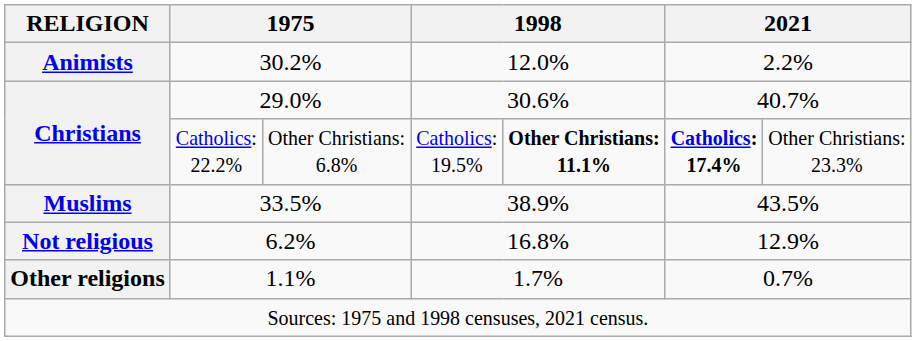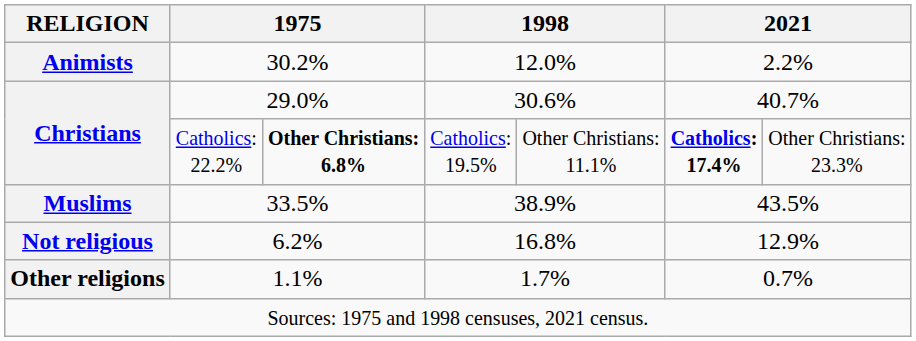 <table class="wikitable sortable" style="text-align: center;">
 <tr>
 <th>RELIGION</th>
 <th colspan=2>1975</th>
 <th colspan=2>1998</th>
 <th colspan=2>2021</th>
 </tr>
 <tr>
 <th><a href='#'>Animists</a></th>
 <td colspan=2>30.2%</td>
 <td colspan=2>12.0%</td>
 <td colspan=2>2.2%</td>
 </tr>
 <tr>
 <th rowspan=2><a href='#'>Christians</a></th>
 <td colspan=2>29.0%</td>
 <td colspan=2>30.6%</td>
 <td colspan=2>40.7%</td>
 </tr>
 <tr>
 <td><small><a href='#'>Catholics</a>:<br>22.2%</small></td>
-<td><small>Other Christians:<br>6.8%</small></td>
+<td><strong><small>Other Christians:<br>6.8%</small></strong></td>
 <td><small><a href='#'>Catholics</a>:<br>19.5%</small></td>
-<td><strong><small>Other Christians:<br>11.1%</small></strong></td>
+<td><small>Other Christians:<br>11.1%</small></td>
 <td><strong><small><a href='#'>Catholics</a>:<br>17.4%</small></strong></td>
 <td><small>Other Christians:<br>23.3%</small></td>
 </tr>
 <tr>
 <th><a href='#'>Muslims</a></th>
 <td colspan=2>33.5%</td>
 <td colspan=2>38.9%</td>
 <td colspan=2>43.5%</td>
 </tr>
 <tr>
 <th><a href='#'>Not religious</a></th>
 <td colspan=2>6.2%</td>
 <td colspan=2>16.8%</td>
 <td colspan=2>12.9%</td>
 </tr>
 <tr>
 <th>Other religions</th>
 <td colspan=2>1.1%</td>
 <td colspan=2>1.7%</td>
 <td colspan=2>0.7%</td>
 </tr>
 <tr>
 <td Colspan=7><small>Sources: 1975 and 1998 censuses, 2021 census.</small></td>
 </tr>
 </table>
